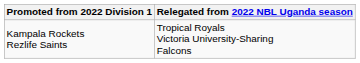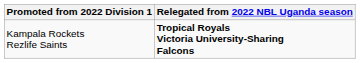 <table class="wikitable">
 <tr>
 <th> Promoted from 2022 Division 1</th>
 <th> Relegated from <a href='#'>2022 NBL Uganda season</a></th>
 </tr>
 <tr>
 <td>Kampala Rockets<br>Rezlife Saints</td>
-<td>Tropical Royals<br>Victoria University-Sharing<br>Falcons</td>
+<td><strong>Tropical Royals<br>Victoria University-Sharing<br>Falcons</strong></td>
 </tr>
 </table>
